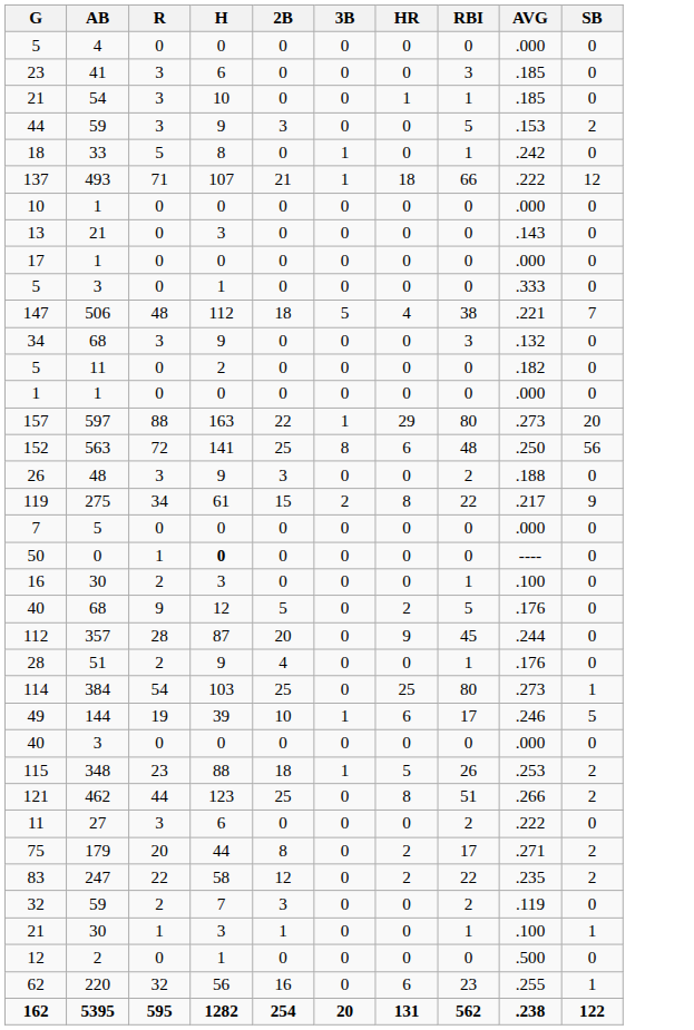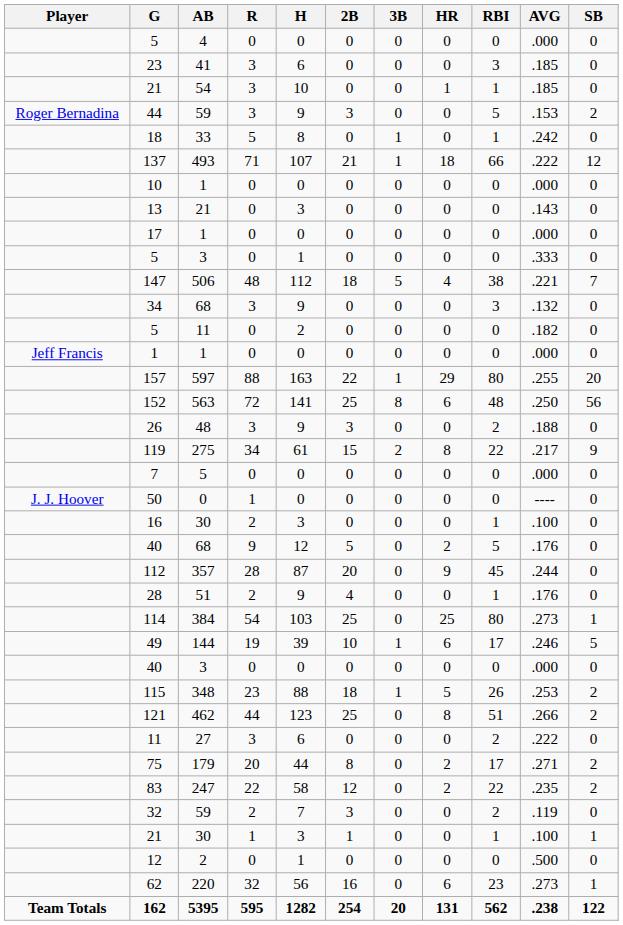 <table class="wikitable sortable" style="text-align:center; border:1; cellpadding:2; cellspacing:0;">
 <tr>
+<th bgcolor="#DDDDFF" width="18%">Player</th>
 <th bgcolor="#DDDDFF" width="7%">G</th>
 <th bgcolor="#DDDDFF" width="7%">AB</th>
 <th bgcolor="#DDDDFF" width="7%">R</th>
 <th bgcolor="#DDDDFF" width="7%">H</th>
 <th bgcolor="#DDDDFF" width="7%">2B</th>
 <th bgcolor="#DDDDFF" width="7%">3B</th>
 <th bgcolor="#DDDDFF" width="7%">HR</th>
 <th bgcolor="#DDDDFF" width="7%">RBI</th>
 <th bgcolor="#DDDDFF" width="7%">AVG</th>
 <th bgcolor="#DDDDFF" width="7%">SB</th>
 </tr>
 <tr style="text-align:center;">
+<td></td>
 <td>5</td>
 <td>4</td>
 <td>0</td>
 <td>0</td>
 <td>0</td>
 <td>0</td>
 <td>0</td>
 <td>0</td>
 <td>.000</td>
 <td>0</td>
 </tr>
 <tr style="text-align:center;">
+<td></td>
 <td>23</td>
 <td>41</td>
 <td>3</td>
 <td>6</td>
 <td>0</td>
 <td>0</td>
 <td>0</td>
 <td>3</td>
 <td>.185</td>
 <td>0</td>
 </tr>
 <tr style="text-align:center;">
+<td></td>
 <td>21</td>
 <td>54</td>
 <td>3</td>
 <td>10</td>
 <td>0</td>
 <td>0</td>
 <td>1</td>
 <td>1</td>
 <td>.185</td>
 <td>0</td>
 </tr>
 <tr style="text-align:center;">
+<td><a href='#'>Roger Bernadina</a></td>
 <td>44</td>
 <td>59</td>
 <td>3</td>
 <td>9</td>
 <td>3</td>
 <td>0</td>
 <td>0</td>
 <td>5</td>
 <td>.153</td>
 <td>2</td>
 </tr>
 <tr align=center>
+<td></td>
 <td>18</td>
 <td>33</td>
 <td>5</td>
 <td>8</td>
 <td>0</td>
 <td>1</td>
 <td>0</td>
 <td>1</td>
 <td>.242</td>
 <td>0</td>
 </tr>
 <tr style="text-align:center;">
+<td></td>
 <td>137</td>
 <td>493</td>
 <td>71</td>
 <td>107</td>
 <td>21</td>
 <td>1</td>
 <td>18</td>
 <td>66</td>
 <td>.222</td>
 <td>12</td>
 </tr>
 <tr style="text-align:center;">
+<td></td>
 <td>10</td>
 <td>1</td>
 <td>0</td>
 <td>0</td>
 <td>0</td>
 <td>0</td>
 <td>0</td>
 <td>0</td>
 <td>.000</td>
 <td>0</td>
 </tr>
 <tr style="text-align:center;">
+<td></td>
 <td>13</td>
 <td>21</td>
 <td>0</td>
 <td>3</td>
 <td>0</td>
 <td>0</td>
 <td>0</td>
 <td>0</td>
 <td>.143</td>
 <td>0</td>
 </tr>
 <tr style="text-align:center;">
+<td></td>
 <td>17</td>
 <td>1</td>
 <td>0</td>
 <td>0</td>
 <td>0</td>
 <td>0</td>
 <td>0</td>
 <td>0</td>
 <td>.000</td>
 <td>0</td>
 </tr>
 <tr style="text-align:center;">
+<td></td>
 <td>5</td>
 <td>3</td>
 <td>0</td>
 <td>1</td>
 <td>0</td>
 <td>0</td>
 <td>0</td>
 <td>0</td>
 <td>.333</td>
 <td>0</td>
 </tr>
 <tr style="text-align:center;">
+<td></td>
 <td>147</td>
 <td>506</td>
 <td>48</td>
 <td>112</td>
 <td>18</td>
 <td>5</td>
 <td>4</td>
 <td>38</td>
 <td>.221</td>
 <td>7</td>
 </tr>
 <tr style="text-align:center;">
+<td></td>
 <td>34</td>
 <td>68</td>
 <td>3</td>
 <td>9</td>
 <td>0</td>
 <td>0</td>
 <td>0</td>
 <td>3</td>
 <td>.132</td>
 <td>0</td>
 </tr>
 <tr style="text-align:center;">
+<td></td>
 <td>5</td>
 <td>11</td>
 <td>0</td>
 <td>2</td>
 <td>0</td>
 <td>0</td>
 <td>0</td>
 <td>0</td>
 <td>.182</td>
 <td>0</td>
 </tr>
 <tr style="text-align:center;">
+<td><a href='#'>Jeff Francis</a></td>
 <td>1</td>
 <td>1</td>
 <td>0</td>
 <td>0</td>
 <td>0</td>
 <td>0</td>
 <td>0</td>
 <td>0</td>
 <td>.000</td>
 <td>0</td>
 </tr>
 <tr align=center>
+<td></td>
 <td>157</td>
 <td>597</td>
 <td>88</td>
 <td>163</td>
 <td>22</td>
 <td>1</td>
 <td>29</td>
 <td>80</td>
-<td>.273</td>
+<td>.255</td>
 <td>20</td>
 </tr>
 <tr style="text-align:center;">
+<td></td>
 <td>152</td>
 <td>563</td>
 <td>72</td>
 <td>141</td>
 <td>25</td>
 <td>8</td>
 <td>6</td>
 <td>48</td>
 <td>.250</td>
 <td>56</td>
 </tr>
 <tr style="text-align:center;">
+<td></td>
 <td>26</td>
 <td>48</td>
 <td>3</td>
 <td>9</td>
 <td>3</td>
 <td>0</td>
 <td>0</td>
 <td>2</td>
 <td>.188</td>
 <td>0</td>
 </tr>
 <tr style="text-align:center;">
+<td></td>
 <td>119</td>
 <td>275</td>
 <td>34</td>
 <td>61</td>
 <td>15</td>
 <td>2</td>
 <td>8</td>
 <td>22</td>
 <td>.217</td>
 <td>9</td>
 </tr>
 <tr style="text-align:center;">
+<td></td>
 <td>7</td>
 <td>5</td>
 <td>0</td>
 <td>0</td>
 <td>0</td>
 <td>0</td>
 <td>0</td>
 <td>0</td>
 <td>.000</td>
 <td>0</td>
 </tr>
 <tr style="text-align:center;">
+<td><a href='#'>J. J. Hoover</a></td>
 <td>50</td>
 <td>0</td>
 <td>1</td>
-<td><strong>0</strong></td>
+<td>0</td>
 <td>0</td>
 <td>0</td>
 <td>0</td>
 <td>0</td>
 <td>----</td>
 <td>0</td>
 </tr>
 <tr align=center>
+<td></td>
 <td>16</td>
 <td>30</td>
 <td>2</td>
 <td>3</td>
 <td>0</td>
 <td>0</td>
 <td>0</td>
 <td>1</td>
 <td>.100</td>
 <td>0</td>
 </tr>
 <tr style="text-align:center;">
+<td></td>
 <td>40</td>
 <td>68</td>
 <td>9</td>
 <td>12</td>
 <td>5</td>
 <td>0</td>
 <td>2</td>
 <td>5</td>
 <td>.176</td>
 <td>0</td>
 </tr>
 <tr style="text-align:center;">
+<td></td>
 <td>112</td>
 <td>357</td>
 <td>28</td>
 <td>87</td>
 <td>20</td>
 <td>0</td>
 <td>9</td>
 <td>45</td>
 <td>.244</td>
 <td>0</td>
 </tr>
 <tr style="text-align:center;">
+<td></td>
 <td>28</td>
 <td>51</td>
 <td>2</td>
 <td>9</td>
 <td>4</td>
 <td>0</td>
 <td>0</td>
 <td>1</td>
 <td>.176</td>
 <td>0</td>
 </tr>
 <tr style="text-align:center;">
+<td></td>
 <td>114</td>
 <td>384</td>
 <td>54</td>
 <td>103</td>
 <td>25</td>
 <td>0</td>
 <td>25</td>
 <td>80</td>
 <td>.273</td>
 <td>1</td>
 </tr>
 <tr style="text-align:center;">
+<td></td>
 <td>49</td>
 <td>144</td>
 <td>19</td>
 <td>39</td>
 <td>10</td>
 <td>1</td>
 <td>6</td>
 <td>17</td>
 <td>.246</td>
 <td>5</td>
 </tr>
 <tr style="text-align:center;">
+<td></td>
 <td>40</td>
 <td>3</td>
 <td>0</td>
 <td>0</td>
 <td>0</td>
 <td>0</td>
 <td>0</td>
 <td>0</td>
 <td>.000</td>
 <td>0</td>
 </tr>
 <tr style="text-align:center;">
+<td></td>
 <td>115</td>
 <td>348</td>
 <td>23</td>
 <td>88</td>
 <td>18</td>
 <td>1</td>
 <td>5</td>
 <td>26</td>
 <td>.253</td>
 <td>2</td>
 </tr>
 <tr style="text-align:center;">
+<td></td>
 <td>121</td>
 <td>462</td>
 <td>44</td>
 <td>123</td>
 <td>25</td>
 <td>0</td>
 <td>8</td>
 <td>51</td>
 <td>.266</td>
 <td>2</td>
 </tr>
 <tr style="text-align:center;">
+<td></td>
 <td>11</td>
 <td>27</td>
 <td>3</td>
 <td>6</td>
 <td>0</td>
 <td>0</td>
 <td>0</td>
 <td>2</td>
 <td>.222</td>
 <td>0</td>
 </tr>
 <tr style="text-align:center;">
+<td></td>
 <td>75</td>
 <td>179</td>
 <td>20</td>
 <td>44</td>
 <td>8</td>
 <td>0</td>
 <td>2</td>
 <td>17</td>
 <td>.271</td>
 <td>2</td>
 </tr>
 <tr style="text-align:center;">
+<td></td>
 <td>83</td>
 <td>247</td>
 <td>22</td>
 <td>58</td>
 <td>12</td>
 <td>0</td>
 <td>2</td>
 <td>22</td>
 <td>.235</td>
 <td>2</td>
 </tr>
 <tr style="text-align:center;">
+<td></td>
 <td>32</td>
 <td>59</td>
 <td>2</td>
 <td>7</td>
 <td>3</td>
 <td>0</td>
 <td>0</td>
 <td>2</td>
 <td>.119</td>
 <td>0</td>
 </tr>
 <tr style="text-align:center;">
+<td></td>
 <td>21</td>
 <td>30</td>
 <td>1</td>
 <td>3</td>
 <td>1</td>
 <td>0</td>
 <td>0</td>
 <td>1</td>
 <td>.100</td>
 <td>1</td>
 </tr>
 <tr style="text-align:center;">
+<td></td>
 <td>12</td>
 <td>2</td>
 <td>0</td>
 <td>1</td>
 <td>0</td>
 <td>0</td>
 <td>0</td>
 <td>0</td>
 <td>.500</td>
 <td>0</td>
 </tr>
 <tr style="text-align:center;">
+<td></td>
 <td>62</td>
 <td>220</td>
 <td>32</td>
 <td>56</td>
 <td>16</td>
 <td>0</td>
 <td>6</td>
 <td>23</td>
-<td>.255</td>
+<td>.273</td>
 <td>1</td>
 </tr>
 <tr align=center>
+<td><strong>Team Totals</strong></td>
 <td><strong>162</strong></td>
 <td><strong>5395</strong></td>
 <td><strong>595</strong></td>
 <td><strong>1282</strong></td>
 <td><strong>254</strong></td>
 <td><strong>20</strong></td>
 <td><strong>131</strong></td>
 <td><strong>562</strong></td>
 <td><strong>.238</strong></td>
 <td><strong>122</strong></td>
 </tr>
 </table>
